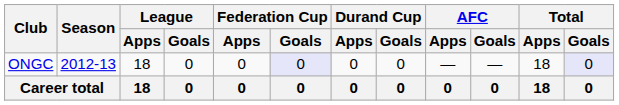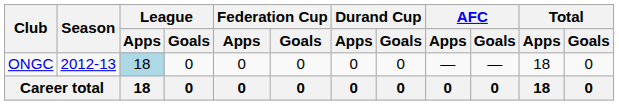 <table class="wikitable" style="font-size:90%; text-align:center;">
 <tr>
 <th rowspan="2">Club</th>
 <th rowspan="2">Season</th>
 <th colspan="2">League</th>
 <th colspan="2">Federation Cup</th>
 <th colspan="2">Durand Cup</th>
 <th colspan="2"><a href='#'>AFC</a></th>
 <th colspan="2">Total</th>
 </tr>
 <tr>
 <th>Apps</th>
 <th>Goals</th>
 <th>Apps</th>
 <th>Goals</th>
 <th>Apps</th>
 <th>Goals</th>
 <th>Apps</th>
 <th>Goals</th>
 <th>Apps</th>
 <th>Goals</th>
 </tr>
 <tr>
 <td rowspan="1"><a href='#'>ONGC</a></td>
 <td><a href='#'>2012-13</a></td>
-<td>18</td>
+<td style="background: lightblue;">18</td>
 <td>0</td>
 <td>0</td>
-<td style="background: lavender;">0</td>
+<td>0</td>
 <td>0</td>
 <td>0</td>
 <td>—</td>
 <td>—</td>
 <td>18</td>
-<td style="background: lavender;">0</td>
+<td>0</td>
 </tr>
 <tr>
 <th colspan="2">Career total</th>
 <th>18</th>
 <th>0</th>
 <th>0</th>
 <th>0</th>
 <th>0</th>
 <th>0</th>
 <th>0</th>
 <th>0</th>
 <th>18</th>
 <th>0</th>
 </tr>
 </table>
